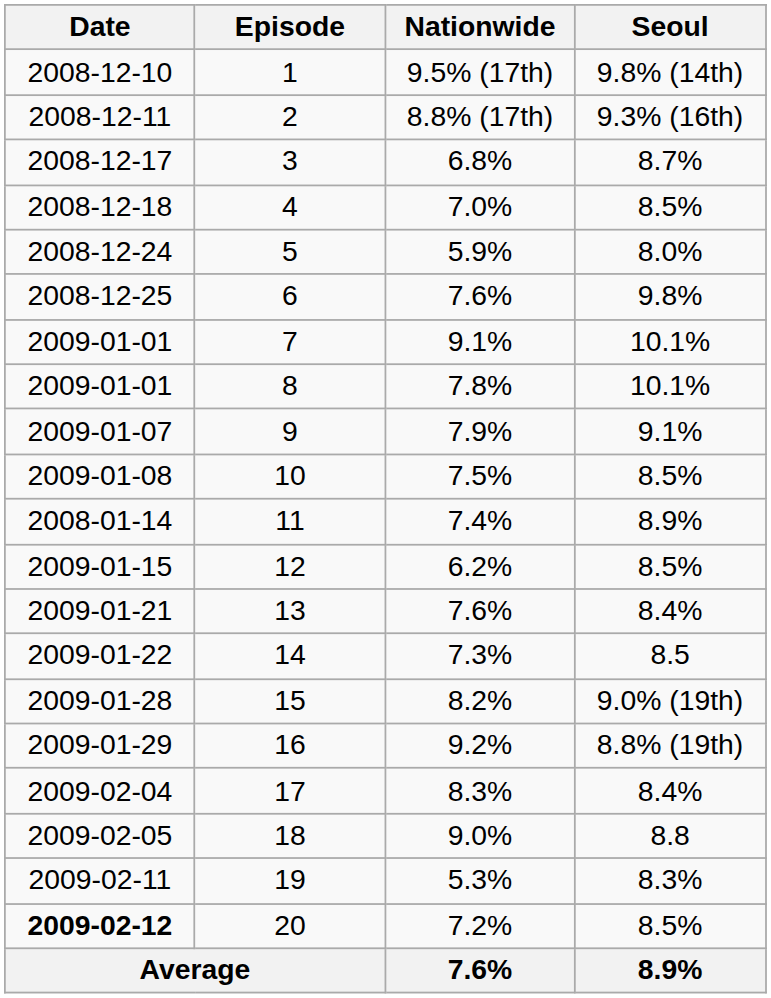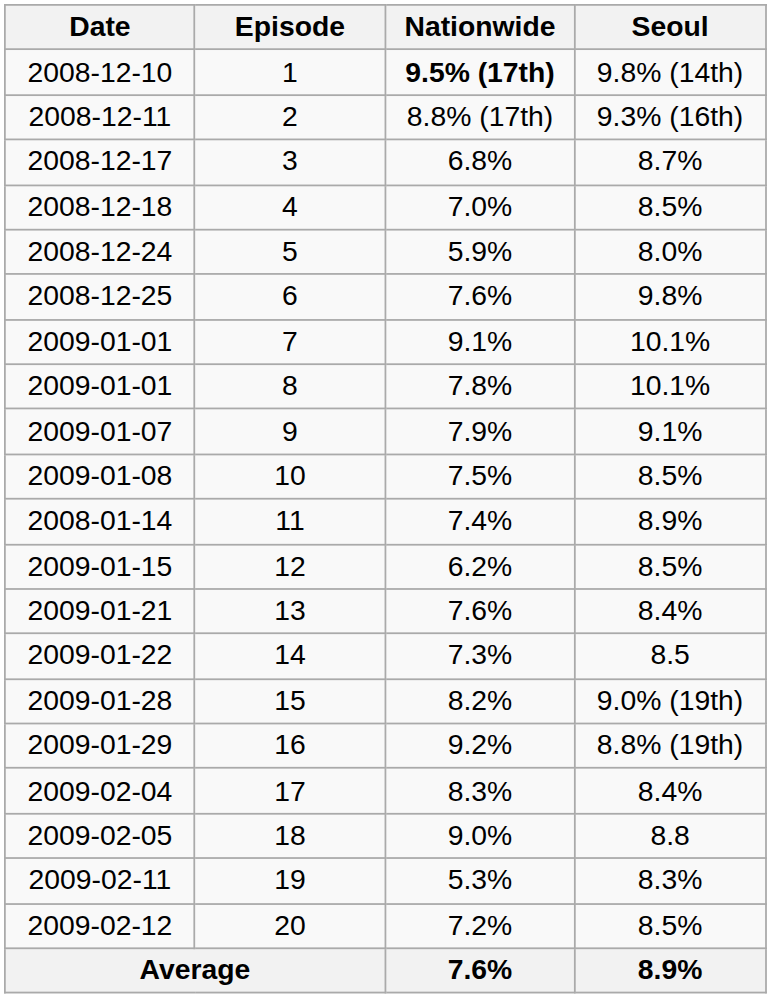 <table class="wikitable">
 <tr>
 <th width=100>Date</th>
 <th width=100>Episode</th>
 <th width=100>Nationwide</th>
 <th width=100>Seoul</th>
 </tr>
 <tr align=center>
 <td>2008-12-10</td>
 <td>1</td>
-<td>9.5% (17th)</td>
+<td><strong>9.5% (17th)</strong></td>
 <td>9.8% (14th)</td>
 </tr>
 <tr align=center>
 <td>2008-12-11</td>
 <td>2</td>
 <td>8.8% (17th)</td>
 <td>9.3% (16th)</td>
 </tr>
 <tr align=center>
 <td>2008-12-17</td>
 <td>3</td>
 <td>6.8%</td>
 <td>8.7%</td>
 </tr>
 <tr align=center>
 <td>2008-12-18</td>
 <td>4</td>
 <td>7.0%</td>
 <td>8.5%</td>
 </tr>
 <tr align=center>
 <td>2008-12-24</td>
 <td>5</td>
 <td>5.9%</td>
 <td>8.0%</td>
 </tr>
 <tr align=center>
 <td>2008-12-25</td>
 <td>6</td>
 <td>7.6%</td>
 <td>9.8%</td>
 </tr>
 <tr align=center>
 <td>2009-01-01</td>
 <td>7</td>
 <td>9.1%</td>
 <td>10.1%</td>
 </tr>
 <tr align=center>
 <td>2009-01-01</td>
 <td>8</td>
 <td>7.8%</td>
 <td>10.1%</td>
 </tr>
 <tr align=center>
 <td>2009-01-07</td>
 <td>9</td>
 <td>7.9%</td>
 <td>9.1%</td>
 </tr>
 <tr align=center>
 <td>2009-01-08</td>
 <td>10</td>
 <td>7.5%</td>
 <td>8.5%</td>
 </tr>
 <tr align=center>
 <td>2008-01-14</td>
 <td>11</td>
 <td>7.4%</td>
 <td>8.9%</td>
 </tr>
 <tr align=center>
 <td>2009-01-15</td>
 <td>12</td>
 <td>6.2%</td>
 <td>8.5%</td>
 </tr>
 <tr align=center>
 <td>2009-01-21</td>
 <td>13</td>
 <td>7.6%</td>
 <td>8.4%</td>
 </tr>
 <tr align=center>
 <td>2009-01-22</td>
 <td>14</td>
 <td>7.3%</td>
 <td>8.5</td>
 </tr>
 <tr align=center>
 <td>2009-01-28</td>
 <td>15</td>
 <td>8.2%</td>
 <td>9.0% (19th)</td>
 </tr>
 <tr align=center>
 <td>2009-01-29</td>
 <td>16</td>
 <td>9.2%</td>
 <td>8.8% (19th)</td>
 </tr>
 <tr align=center>
 <td>2009-02-04</td>
 <td>17</td>
 <td>8.3%</td>
 <td>8.4%</td>
 </tr>
 <tr align=center>
 <td>2009-02-05</td>
 <td>18</td>
 <td>9.0%</td>
 <td>8.8</td>
 </tr>
 <tr align=center>
 <td>2009-02-11</td>
 <td>19</td>
 <td>5.3%</td>
 <td>8.3%</td>
 </tr>
 <tr align=center>
-<td><strong>2009-02-12</strong></td>
+<td>2009-02-12</td>
 <td>20</td>
 <td>7.2%</td>
 <td>8.5%</td>
 </tr>
 <tr align="center">
 <th colspan=2>Average</th>
 <th>7.6%</th>
 <th>8.9%</th>
 </tr>
 </table>
